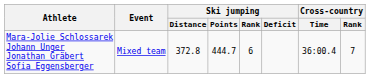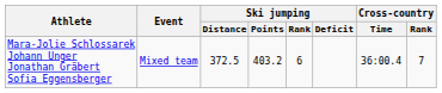 <table class="wikitable" style="font-size:90%">
 <tr>
 <th rowspan="2">Athlete</th>
 <th rowspan="2">Event</th>
 <th colspan="4">Ski jumping</th>
 <th colspan="2">Cross-country</th>
 </tr>
 <tr style="font-size:95%">
 <th>Distance</th>
 <th>Points</th>
 <th>Rank</th>
 <th>Deficit</th>
 <th>Time</th>
 <th>Rank</th>
 </tr>
 <tr align=center>
 <td align=left><a href='#'>Mara-Jolie Schlossarek</a><br><a href='#'>Johann Unger</a><br><a href='#'>Jonathan Gräbert</a><br><a href='#'>Sofia Eggensberger</a></td>
 <td align=left><a href='#'>Mixed team</a></td>
-<td>372.8</td>
-<td>444.7</td>
+<td>372.5</td>
+<td>403.2</td>
 <td>6</td>
 <td></td>
 <td>36:00.4</td>
 <td>7</td>
 </tr>
 </table>
